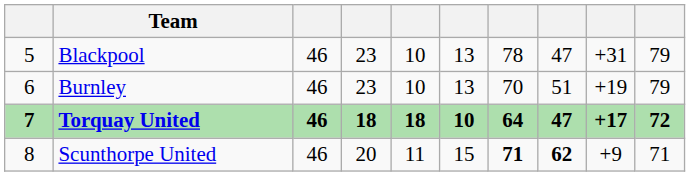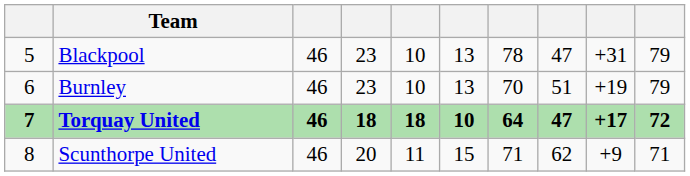 <table class="wikitable" style="text-align:center">
 <tr>
 <th width="30"></th>
 <th width="175">Team</th>
 <th width="30"></th>
 <th width="30"></th>
 <th width="30"></th>
 <th width="30"></th>
 <th width="30"></th>
 <th width="30"></th>
 <th width="30"></th>
 <th width="30"></th>
 </tr>
 <tr>
 <td>5</td>
 <td align=left><a href='#'>Blackpool</a></td>
 <td>46</td>
 <td>23</td>
 <td>10</td>
 <td>13</td>
 <td>78</td>
 <td>47</td>
 <td>+31</td>
 <td>79</td>
 </tr>
 <tr>
 <td>6</td>
 <td align=left><a href='#'>Burnley</a></td>
 <td>46</td>
 <td>23</td>
 <td>10</td>
 <td>13</td>
 <td>70</td>
 <td>51</td>
 <td>+19</td>
 <td>79</td>
 </tr>
 <tr bgcolor=#ADDFAD>
 <td><strong>7</strong></td>
 <td align=left><strong><a href='#'>Torquay United</a></strong></td>
 <td><strong>46</strong></td>
 <td><strong>18</strong></td>
 <td><strong>18</strong></td>
 <td><strong>10</strong></td>
 <td><strong>64</strong></td>
 <td><strong>47</strong></td>
 <td><strong>+17</strong></td>
 <td><strong>72</strong></td>
 </tr>
 <tr>
 <td>8</td>
 <td align=left><a href='#'>Scunthorpe United</a></td>
 <td>46</td>
 <td>20</td>
 <td>11</td>
 <td>15</td>
-<td><strong>71</strong></td>
-<td><strong>62</strong></td>
+<td>71</td>
+<td>62</td>
 <td>+9</td>
 <td>71</td>
 </tr>
 </table>
